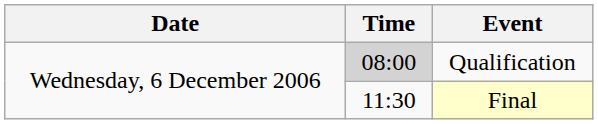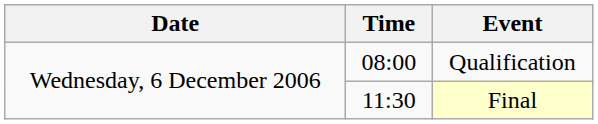 <table class = "wikitable" style="text-align:center;">
 <tr>
 <th width=220>Date</th>
 <th width=50>Time</th>
 <th width=100>Event</th>
 </tr>
 <tr>
 <td rowspan=2>Wednesday, 6 December 2006</td>
-<td style="background: lightgrey;">08:00</td>
+<td>08:00</td>
 <td>Qualification</td>
 </tr>
 <tr>
 <td>11:30</td>
 <td bgcolor=ffffcc>Final</td>
 </tr>
 </table>
